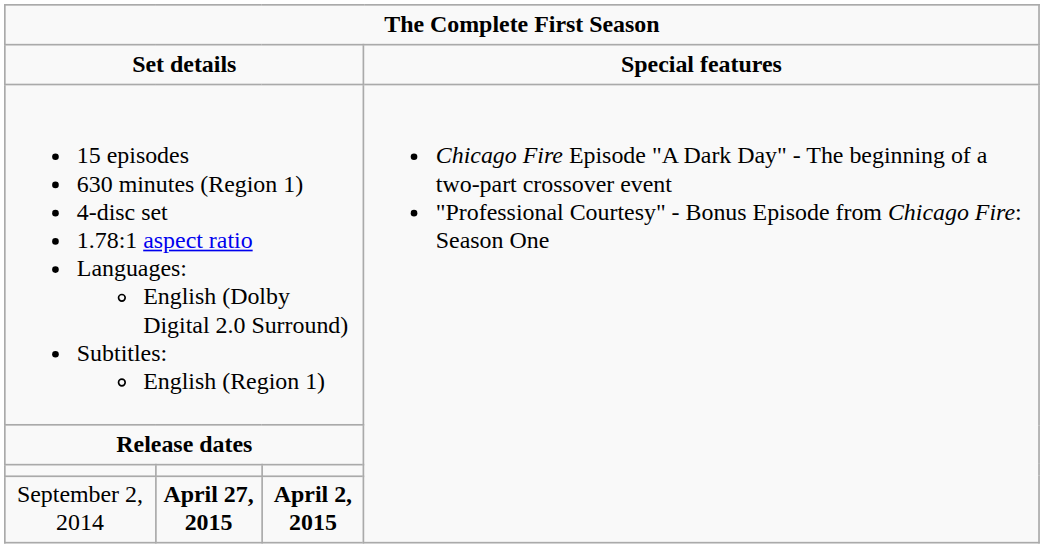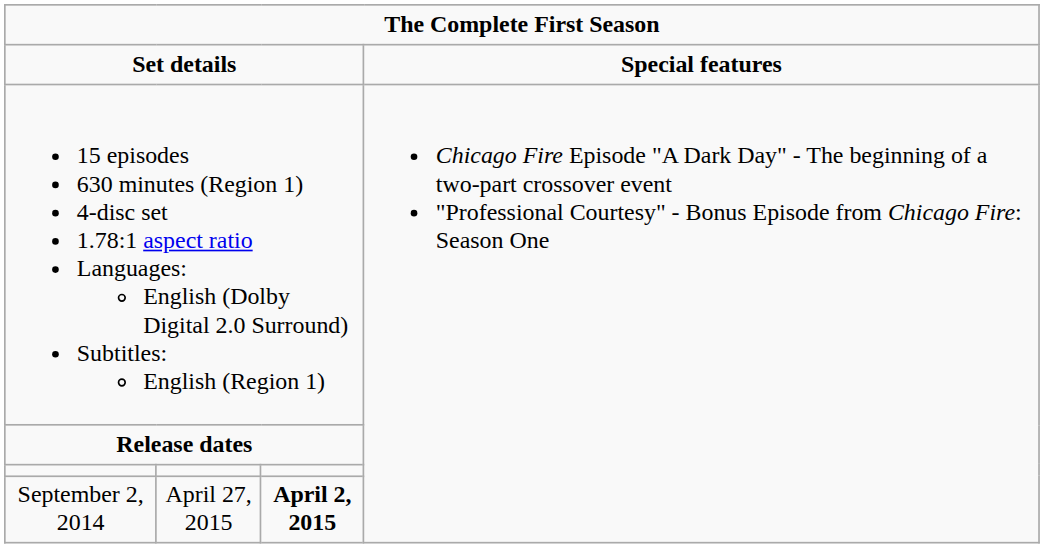 <table class="wikitable plainrowheaders" style="font-size:90%; text-align:center; width: 100%; margin-left: auto; margin-right: auto;">
 <tr>
 <td colspan="6"><strong>The Complete First Season</strong></td>
 </tr>
 <tr>
 <td align="center" width="300" colspan="3"><strong>Set details</strong></td>
 <td width="400" align="center"><strong>Special features</strong></td>
 </tr>
 <tr valign="top">
 <td colspan="3" align="left" width="300"><br><ul><li>15 episodes</li><li>630 minutes (Region 1)</li><li>4-disc set</li><li>1.78:1 <a href='#'>aspect ratio</a></li><li>Languages:<ul><li>English (Dolby Digital 2.0 Surround)</li></ul></li><li>Subtitles:<ul><li>English (Region 1)</li></ul></li></ul></td>
 <td rowspan="4" align="left" width="400"><br><ul><li><em>Chicago Fire</em> Episode "A Dark Day" - The beginning of a two-part crossover event</li><li>"Professional Courtesy" - Bonus Episode from <em>Chicago Fire</em>: Season One</li></ul></td>
 </tr>
 <tr>
 <td colspan="3" align="center"><strong>Release dates</strong></td>
 </tr>
 <tr>
 <td align="center"></td>
 <td align="center"></td>
 <td align="center"></td>
 </tr>
 <tr>
 <td align="center">September 2, 2014</td>
-<td align="center"><strong>April 27, 2015</strong></td>
+<td align="center">April 27, 2015</td>
 <td align="center"><strong>April 2, 2015</strong></td>
 </tr>
 </table>
